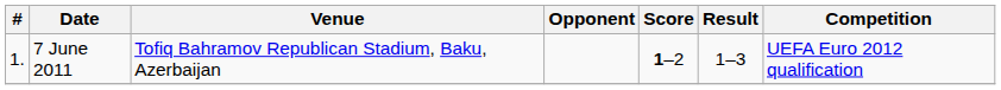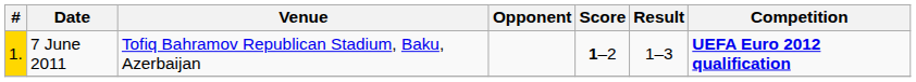 <table class="wikitable">
 <tr>
 <th>#</th>
 <th>Date</th>
 <th>Venue</th>
 <th>Opponent</th>
 <th>Score</th>
 <th>Result</th>
 <th>Competition</th>
 </tr>
 <tr>
-<td>1.</td>
+<td style="background: gold;">1.</td>
 <td>7 June 2011</td>
 <td><a href='#'>Tofiq Bahramov Republican Stadium</a>, <a href='#'>Baku</a>, Azerbaijan</td>
 <td></td>
 <td align=center><strong>1</strong>–2</td>
 <td align=center>1–3</td>
-<td><a href='#'>UEFA Euro 2012 qualification</a></td>
+<td><strong><a href='#'>UEFA Euro 2012 qualification</a></strong></td>
 </tr>
 <tr>
 </tr>
 </table>
